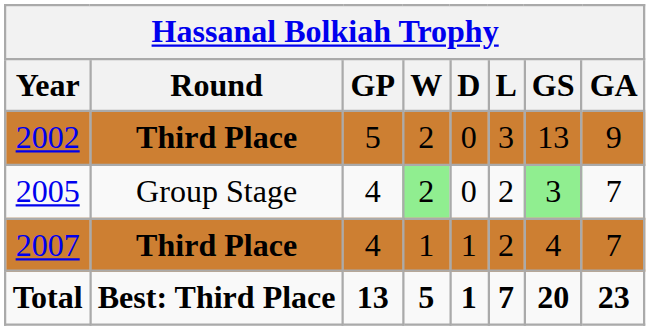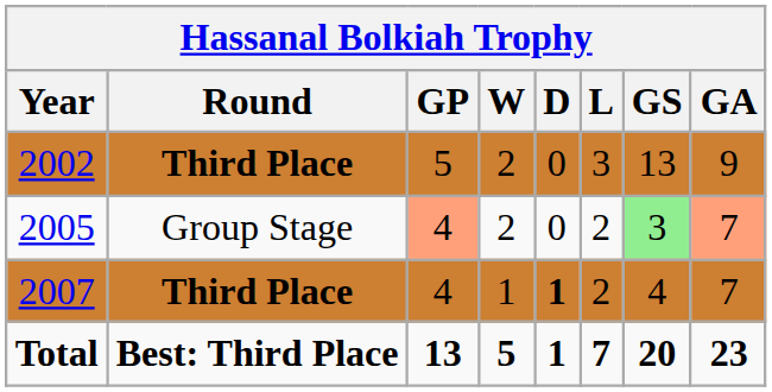 <table class="wikitable" style="text-align: center;font-size:89%;">
 <tr>
 <th colspan=8> <a href='#'>Hassanal Bolkiah Trophy</a> </th>
 </tr>
 <tr>
 <th>Year</th>
 <th>Round</th>
 <th>GP</th>
 <th>W</th>
 <th>D</th>
 <th>L</th>
 <th>GS</th>
 <th>GA</th>
 </tr>
 <tr style="background:#CD7F32;">
 <td><a href='#'>2002</a></td>
 <td><strong>Third Place</strong></td>
 <td>5</td>
 <td>2</td>
 <td>0</td>
 <td>3</td>
 <td>13</td>
 <td>9</td>
 </tr>
 <tr>
 <td><a href='#'>2005</a></td>
 <td>Group Stage</td>
-<td>4</td>
-<td style="background: lightgreen;">2</td>
+<td style="background: lightsalmon;">4</td>
+<td>2</td>
 <td>0</td>
 <td>2</td>
 <td style="background: lightgreen;">3</td>
-<td>7</td>
+<td style="background: lightsalmon;">7</td>
 </tr>
 <tr style="background:#CD7F32;">
 <td><a href='#'>2007</a></td>
 <td><strong>Third Place</strong></td>
 <td>4</td>
 <td>1</td>
-<td>1</td>
+<td><strong>1</strong></td>
 <td>2</td>
 <td>4</td>
 <td>7</td>
 </tr>
 <tr>
 <td><strong>Total</strong></td>
 <td><strong>Best: Third Place</strong></td>
 <td><strong>13</strong></td>
 <td><strong>5</strong></td>
 <td><strong>1</strong></td>
 <td><strong>7</strong></td>
 <td><strong>20</strong></td>
 <td><strong>23</strong></td>
 </tr>
 </table>
